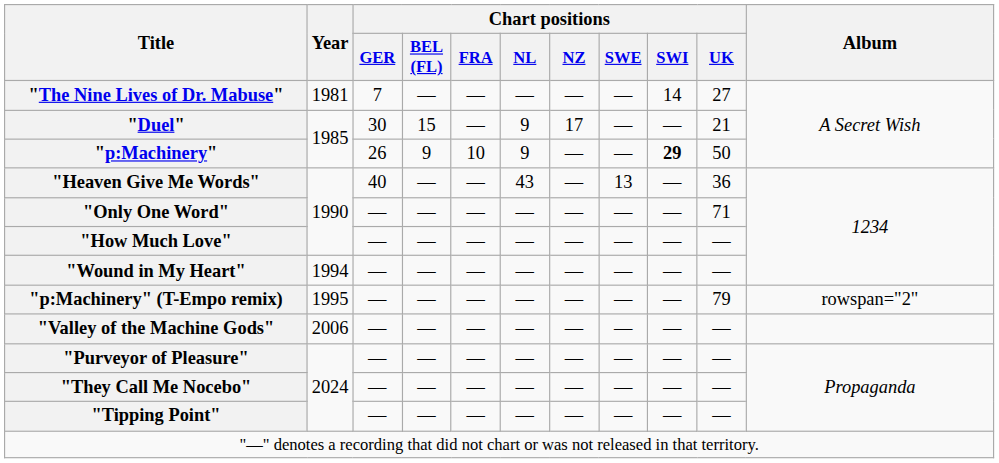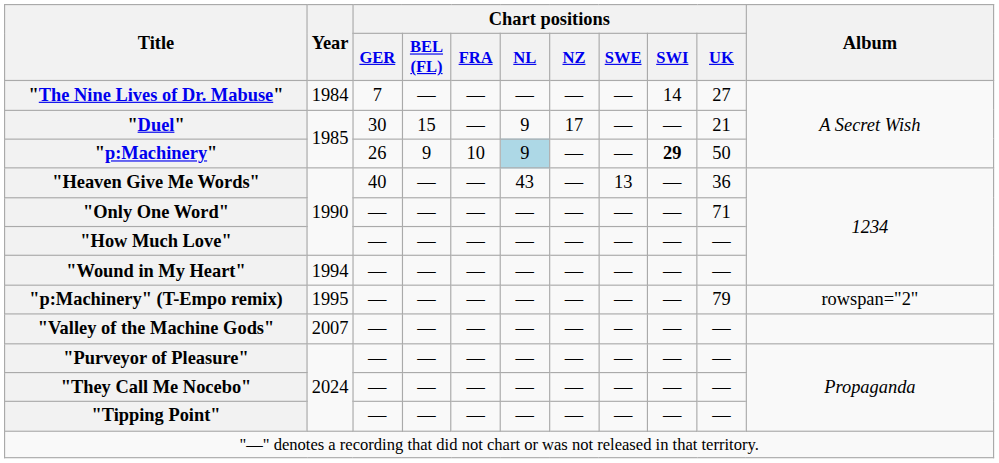 <table class="wikitable plainrowheaders" style="text-align:center;">
 <tr>
 <th scope="col" rowspan="2" style="width:16em;">Title</th>
 <th scope="col" rowspan="2">Year</th>
 <th scope="col" colspan="8">Chart positions</th>
 <th scope="col" rowspan="2" style="width:13em;">Album</th>
 </tr>
 <tr>
 <th scope="col" style="width:2.5em;font-size:90%;"><a href='#'>GER</a><br></th>
 <th scope="col" style="width:2.5em;font-size:90%;"><a href='#'>BEL (FL)</a><br></th>
 <th scope="col" style="width:2.5em;font-size:90%;"><a href='#'>FRA</a><br></th>
 <th scope="col" style="width:2.5em;font-size:90%;"><a href='#'>NL</a><br></th>
 <th scope="col" style="width:2.5em;font-size:90%;"><a href='#'>NZ</a><br></th>
 <th scope="col" style="width:2.5em;font-size:90%;"><a href='#'>SWE</a><br></th>
 <th scope="col" style="width:2.5em;font-size:90%;"><a href='#'>SWI</a><br></th>
 <th scope="col" style="width:2.5em;font-size:90%;"><a href='#'>UK</a><br></th>
 </tr>
 <tr>
 <th scope="row">"<a href='#'>The Nine Lives of Dr. Mabuse</a>"</th>
-<td>1981</td>
+<td>1984</td>
 <td>7</td>
 <td>—</td>
 <td>—</td>
 <td>—</td>
 <td>—</td>
 <td>—</td>
 <td>14</td>
 <td>27</td>
 <td rowspan="3"><em>A Secret Wish</em></td>
 </tr>
 <tr>
 <th scope="row">"<a href='#'>Duel</a>"</th>
 <td rowspan="2">1985</td>
 <td>30</td>
 <td>15</td>
 <td>—</td>
 <td>9</td>
 <td>17</td>
 <td>—</td>
 <td>—</td>
 <td>21</td>
 </tr>
 <tr>
 <th scope="row">"<a href='#'>p:Machinery</a>"</th>
 <td>26</td>
 <td>9</td>
 <td>10</td>
-<td>9</td>
+<td style="background: lightblue;">9</td>
 <td>—</td>
 <td>—</td>
 <td><strong>29</strong></td>
 <td>50</td>
 </tr>
 <tr>
 <th scope="row">"Heaven Give Me Words"</th>
 <td rowspan="3">1990</td>
 <td>40</td>
 <td>—</td>
 <td>—</td>
 <td>43</td>
 <td>—</td>
 <td>13</td>
 <td>—</td>
 <td>36</td>
 <td rowspan="4"><em>1234</em></td>
 </tr>
 <tr>
 <th scope="row">"Only One Word"</th>
 <td>—</td>
 <td>—</td>
 <td>—</td>
 <td>—</td>
 <td>—</td>
 <td>—</td>
 <td>—</td>
 <td>71</td>
 </tr>
 <tr>
 <th scope="row">"How Much Love"</th>
 <td>—</td>
 <td>—</td>
 <td>—</td>
 <td>—</td>
 <td>—</td>
 <td>—</td>
 <td>—</td>
 <td>—</td>
 </tr>
 <tr>
 <th scope="row">"Wound in My Heart"</th>
 <td>1994</td>
 <td>—</td>
 <td>—</td>
 <td>—</td>
 <td>—</td>
 <td>—</td>
 <td>—</td>
 <td>—</td>
 <td>—</td>
 </tr>
 <tr>
 <th scope="row">"p:Machinery" (T-Empo remix)</th>
 <td>1995</td>
 <td>—</td>
 <td>—</td>
 <td>—</td>
 <td>—</td>
 <td>—</td>
 <td>—</td>
 <td>—</td>
 <td>79</td>
 <td>rowspan="2" </td>
 </tr>
 <tr>
 <th scope="row">"Valley of the Machine Gods"</th>
-<td>2006</td>
+<td>2007</td>
 <td>—</td>
 <td>—</td>
 <td>—</td>
 <td>—</td>
 <td>—</td>
 <td>—</td>
 <td>—</td>
 <td>—</td>
 </tr>
 <tr>
 <th scope="row">"Purveyor of Pleasure"</th>
 <td rowspan="3">2024</td>
 <td>—</td>
 <td>—</td>
 <td>—</td>
 <td>—</td>
 <td>—</td>
 <td>—</td>
 <td>—</td>
 <td>—</td>
 <td rowspan="3"><em>Propaganda</em></td>
 </tr>
 <tr>
 <th scope="row">"They Call Me Nocebo"</th>
 <td>—</td>
 <td>—</td>
 <td>—</td>
 <td>—</td>
 <td>—</td>
 <td>—</td>
 <td>—</td>
 <td>—</td>
 </tr>
 <tr>
 <th scope="row">"Tipping Point"</th>
 <td>—</td>
 <td>—</td>
 <td>—</td>
 <td>—</td>
 <td>—</td>
 <td>—</td>
 <td>—</td>
 <td>—</td>
 </tr>
 <tr>
 <td colspan="11" style="font-size:90%">"—" denotes a recording that did not chart or was not released in that territory.</td>
 </tr>
 </table>
